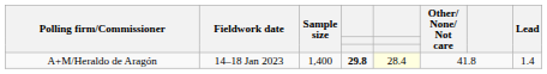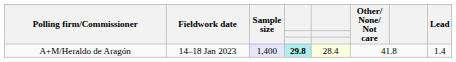 <table class="wikitable collapsible collapsed" style="text-align:center; font-size:90%; line-height:14px;">
 <tr style="height:42px;">
 <th style="width:250px;" rowspan="3">Polling firm/Commissioner</th>
 <th style="width:125px;" rowspan="3">Fieldwork date</th>
 <th style="width:50px;" rowspan="3">Sample size</th>
 <th style="width:35px;"></th>
 <th style="width:55px;"></th>
 <th style="width:55px;" rowspan="3">Other/<br>None/<br>Not<br>care</th>
 <th style="width:55px;" rowspan="3"></th>
 <th style="width:30px;" rowspan="3">Lead</th>
 </tr>
 <tr>
 <th style="color:inherit;background:"></th>
 <th style="color:inherit;background:"></th>
 </tr>
 <tr>
 <th></th>
 <th></th>
 </tr>
 <tr>
 <td>A+M/Heraldo de Aragón</td>
 <td>14–18 Jan 2023</td>
-<td>1,400</td>
-<td><strong>29.8</strong></td>
+<td style="background: lavender;">1,400</td>
+<td style="background: paleturquoise;"><strong>29.8</strong></td>
 <td style="background: lightyellow;">28.4</td>
 <td colspan="2">41.8</td>
 <td style="background:">1.4</td>
 </tr>
 </table>
